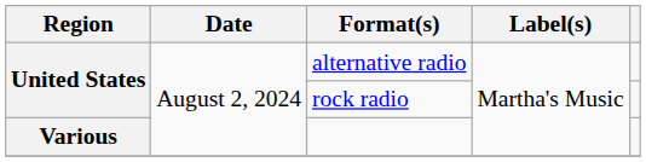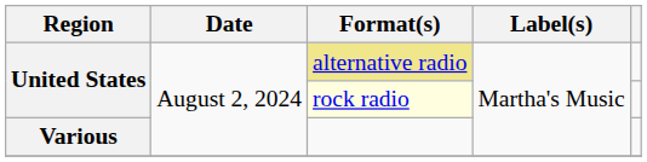 <table class="wikitable plainrowheaders">
 <tr>
 <th scope="col">Region</th>
 <th scope="col">Date</th>
 <th scope="col">Format(s)</th>
 <th scope="col">Label(s)</th>
 <th scope="col"></th>
 </tr>
 <tr>
 <th scope="row" rowspan="2">United States</th>
 <td rowspan="3">August 2, 2024</td>
-<td><a href='#'>alternative radio</a></td>
+<td style="background: khaki;"><a href='#'>alternative radio</a></td>
 <td rowspan="3">Martha's Music</td>
 <td style="text-align:center;"></td>
 </tr>
 <tr>
-<td><a href='#'>rock radio</a></td>
+<td style="background: lightyellow;"><a href='#'>rock radio</a></td>
 <td style="text-align:center;"></td>
 </tr>
 <tr>
 <th scope="row">Various</th>
 <td></td>
 <td style="text-align:center;"></td>
 </tr>
 <tr>
 </tr>
 </table>
